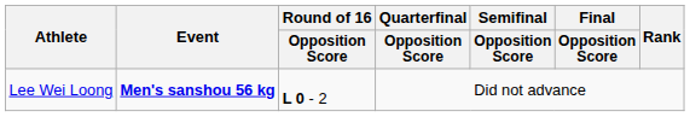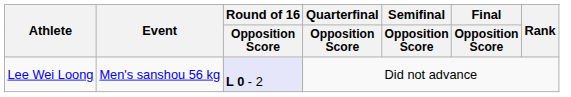 <table class=wikitable style="text-align:left; font-size:90%">
 <tr>
 <th rowspan=2>Athlete</th>
 <th rowspan=2>Event</th>
 <th>Round of 16</th>
 <th>Quarterfinal</th>
 <th>Semifinal</th>
 <th>Final</th>
 <th rowspan=2>Rank</th>
 </tr>
 <tr style="font-size:95%">
 <th>Opposition<br>Score</th>
 <th>Opposition<br>Score</th>
 <th>Opposition<br>Score</th>
 <th>Opposition<br>Score</th>
 </tr>
 <tr>
 <td><a href='#'>Lee Wei Loong</a></td>
-<td><strong><a href='#'>Men's sanshou 56 kg</a></strong></td>
-<td><br><strong>L 0</strong> - 2</td>
+<td><a href='#'>Men's sanshou 56 kg</a></td>
+<td style="background: lavender;"><br><strong>L 0</strong> - 2</td>
 <td align=center colspan=4>Did not advance</td>
 </tr>
 </table>
